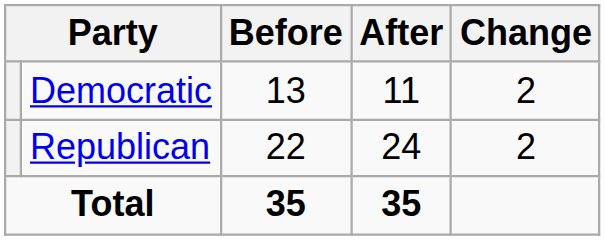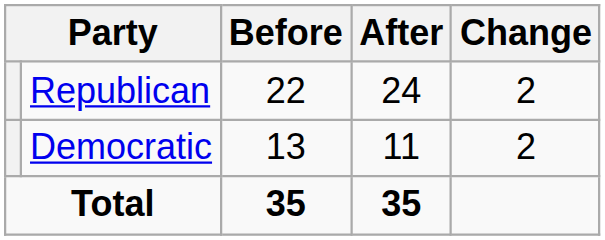 <table class="wikitable" style="text-align:center;">
 <tr>
 <th colspan="2">Party</th>
 <th>Before</th>
 <th>After</th>
 <th>Change</th>
 </tr>
 <tr>
 <th style="background-color:"></th>
-<td style="text-align:left;"><a href='#'>Democratic</a></td>
-<td>13</td>
-<td>11</td>
+<td style="text-align:left;"><a href='#'>Republican</a></td>
+<td>22</td>
+<td>24</td>
 <td> 2</td>
 </tr>
 <tr>
 <th style="background-color:"></th>
-<td style="text-align:left;"><a href='#'>Republican</a></td>
-<td>22</td>
-<td>24</td>
+<td style="text-align:left;"><a href='#'>Democratic</a></td>
+<td>13</td>
+<td>11</td>
 <td> 2</td>
 </tr>
 <tr>
 <td colspan="2"><strong>Total</strong></td>
 <td><strong>35</strong></td>
 <td><strong>35</strong></td>
 <td></td>
 </tr>
 </table>
